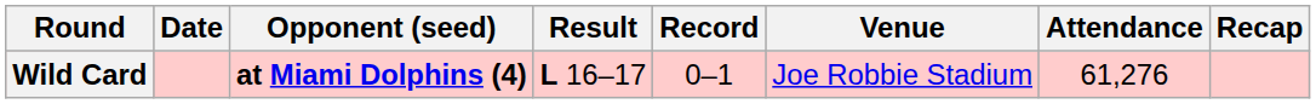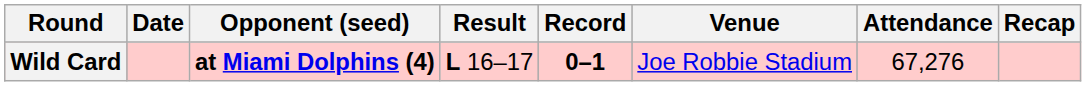 <table class="wikitable" style="text-align:center">
 <tr>
 <th>Round</th>
 <th>Date</th>
 <th>Opponent (seed)</th>
 <th>Result</th>
 <th>Record</th>
 <th>Venue</th>
 <th>Attendance</th>
 <th>Recap</th>
 </tr>
 <tr style="background:#fcc">
 <th>Wild Card</th>
 <td></td>
 <td><strong>at <a href='#'>Miami Dolphins</a> (4)</strong></td>
 <td><strong>L</strong> 16–17</td>
-<td>0–1</td>
+<td><strong>0–1</strong></td>
 <td><a href='#'>Joe Robbie Stadium</a></td>
-<td>61,276</td>
+<td>67,276</td>
 <td></td>
 </tr>
 </table>
